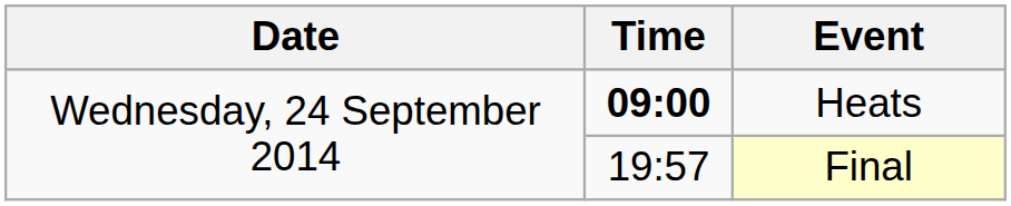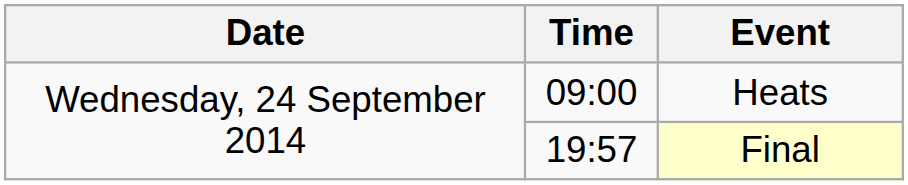 <table class = "wikitable" style="text-align:center;">
 <tr>
 <th width=220>Date</th>
 <th width=50>Time</th>
 <th width=100>Event</th>
 </tr>
 <tr>
 <td rowspan=2>Wednesday, 24 September 2014</td>
-<td><strong>09:00</strong></td>
+<td>09:00</td>
 <td>Heats</td>
 </tr>
 <tr>
 <td>19:57</td>
 <td bgcolor=ffffcc>Final</td>
 </tr>
 </table>
